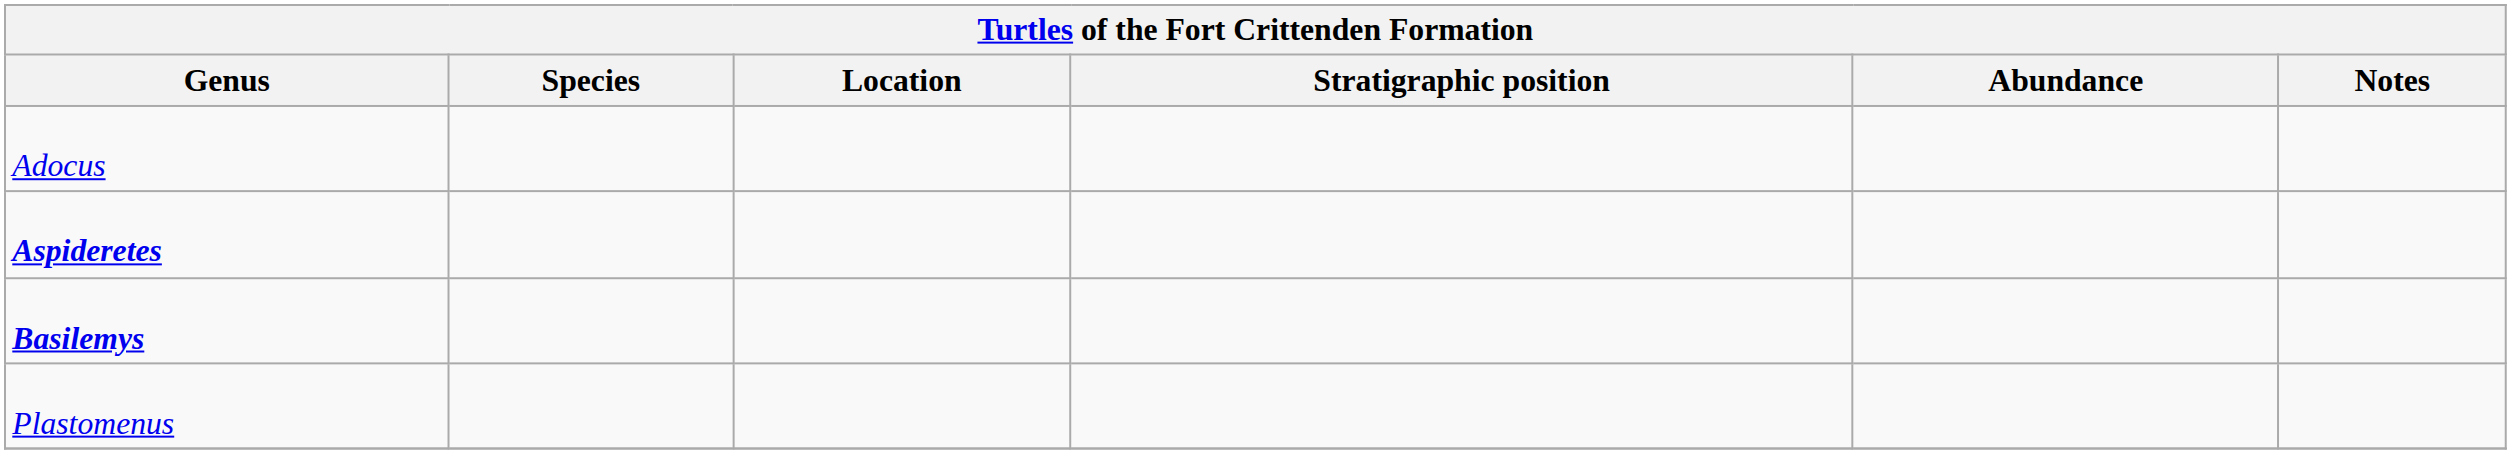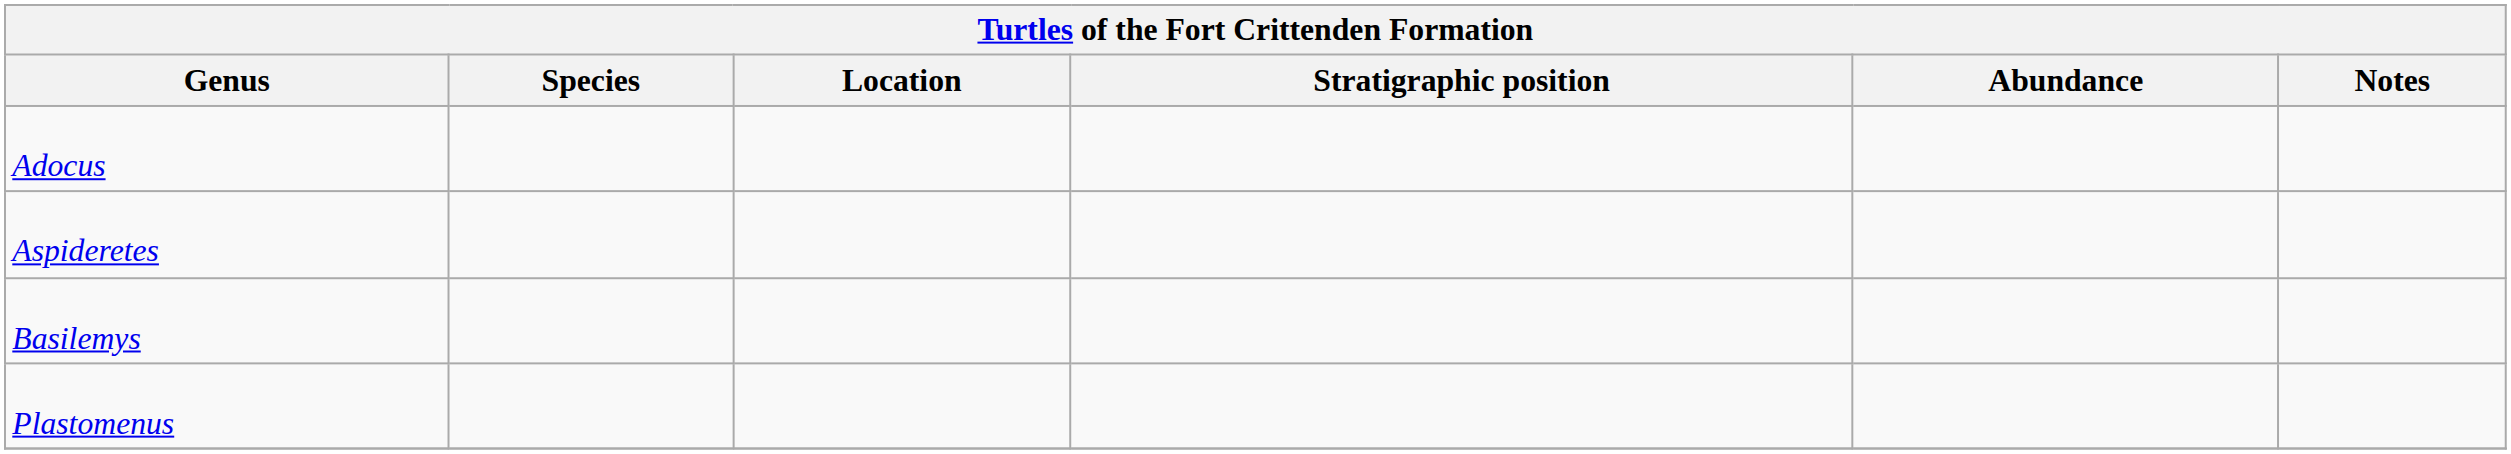 <table class="wikitable" align="center" width="100%">
 <tr>
 <th colspan="7" align="center"><strong><a href='#'>Turtles</a> of the Fort Crittenden Formation</strong></th>
 </tr>
 <tr>
 <th>Genus</th>
 <th>Species</th>
 <th>Location</th>
 <th>Stratigraphic position</th>
 <th>Abundance</th>
 <th>Notes<br></th>
 </tr>
 <tr>
 <td><br><em><a href='#'>Adocus</a></em></td>
 <td></td>
 <td></td>
 <td></td>
 <td></td>
 <td><br></td>
 </tr>
 <tr>
-<td><strong><br><em><a href='#'>Aspideretes</a></em></strong></td>
+<td><br><em><a href='#'>Aspideretes</a></em></td>
 <td></td>
 <td></td>
 <td></td>
 <td></td>
 <td></td>
 </tr>
 <tr>
-<td><strong><br><em><a href='#'>Basilemys</a></em></strong></td>
+<td><br><em><a href='#'>Basilemys</a></em></td>
 <td></td>
 <td></td>
 <td></td>
 <td></td>
 <td></td>
 </tr>
 <tr>
 <td><br><em><a href='#'>Plastomenus</a></em></td>
 <td></td>
 <td></td>
 <td></td>
 <td></td>
 <td></td>
 </tr>
 <tr>
 </tr>
 </table>
